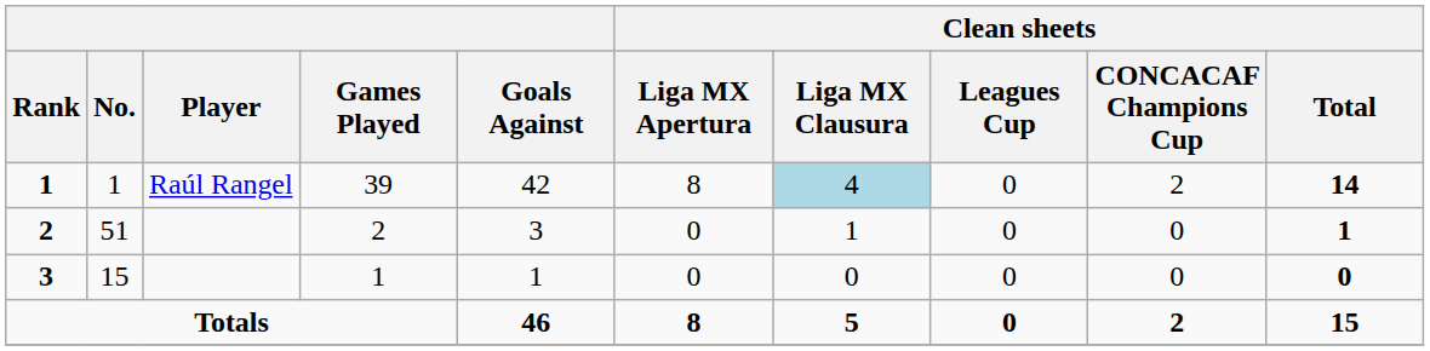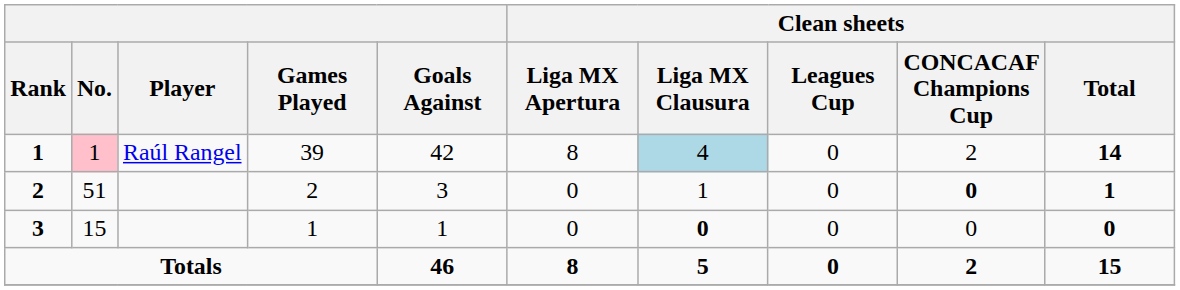 <table class="wikitable sortable alternance" style="text-align:center">
 <tr>
 <th colspan="5"></th>
 <th colspan="5">Clean sheets</th>
 </tr>
 <tr>
 <th>Rank</th>
 <th>No.</th>
 <th>Player</th>
 <th width=80>Games Played</th>
 <th width=80>Goals Against</th>
 <th width=80>Liga MX Apertura</th>
 <th width=80>Liga MX Clausura</th>
 <th width=80>Leagues Cup</th>
 <th width=80>CONCACAF Champions Cup</th>
 <th width=80>Total</th>
 </tr>
 <tr>
 <td><strong>1</strong></td>
-<td>1</td>
+<td style="background: pink;">1</td>
 <td> <a href='#'>Raúl Rangel</a></td>
 <td>39</td>
 <td>42</td>
 <td>8</td>
 <td style="background: lightblue;">4</td>
 <td>0</td>
 <td>2</td>
 <td><strong>14</strong></td>
 </tr>
 <tr>
 <td><strong>2</strong></td>
 <td>51</td>
 <td></td>
 <td>2</td>
 <td>3</td>
 <td>0</td>
 <td>1</td>
 <td>0</td>
-<td>0</td>
+<td><strong>0</strong></td>
 <td><strong>1</strong></td>
 </tr>
 <tr>
 <td><strong>3</strong></td>
 <td>15</td>
 <td></td>
 <td>1</td>
 <td>1</td>
 <td>0</td>
-<td>0</td>
+<td><strong>0</strong></td>
 <td>0</td>
 <td>0</td>
 <td><strong>0</strong></td>
 </tr>
 <tr>
 <td colspan="4"><strong>Totals</strong></td>
 <td><strong>46</strong></td>
 <td><strong>8</strong></td>
 <td><strong>5</strong></td>
 <td><strong>0</strong></td>
 <td><strong>2</strong></td>
 <td><strong>15</strong></td>
 </tr>
 <tr>
 </tr>
 </table>
